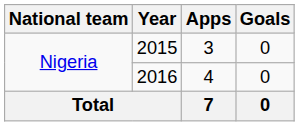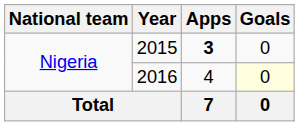 <table class="wikitable" style="text-align:center">
 <tr>
 <th>National team</th>
 <th>Year</th>
 <th>Apps</th>
 <th>Goals</th>
 </tr>
 <tr>
 <td rowspan="2"><a href='#'>Nigeria</a></td>
 <td>2015</td>
-<td>3</td>
+<td><strong>3</strong></td>
 <td>0</td>
 </tr>
 <tr>
 <td>2016</td>
 <td>4</td>
-<td>0</td>
+<td style="background: lightyellow;">0</td>
 </tr>
 <tr>
 <th colspan="2">Total</th>
 <th>7</th>
 <th>0</th>
 </tr>
 </table>
